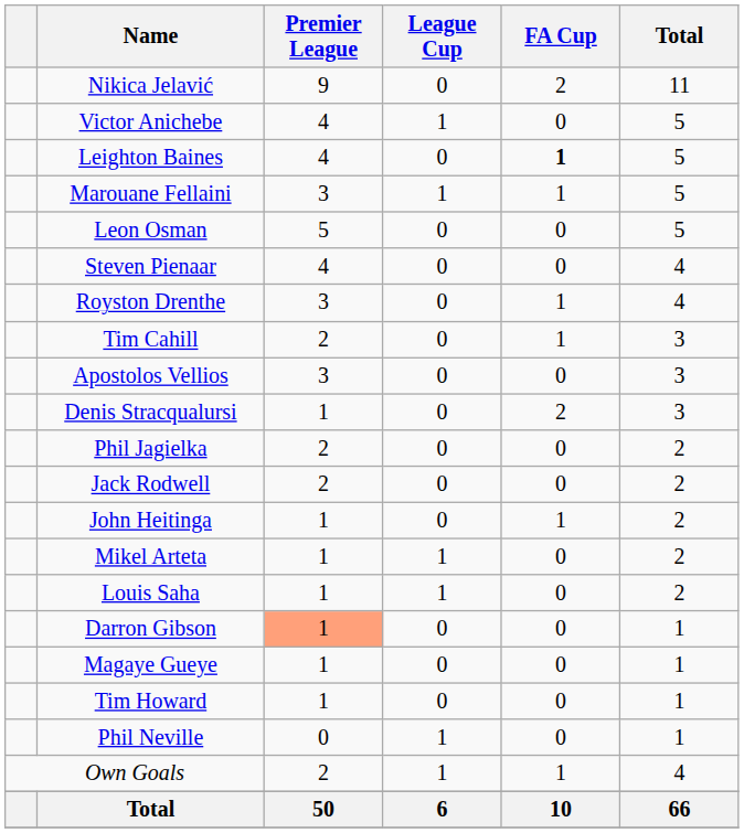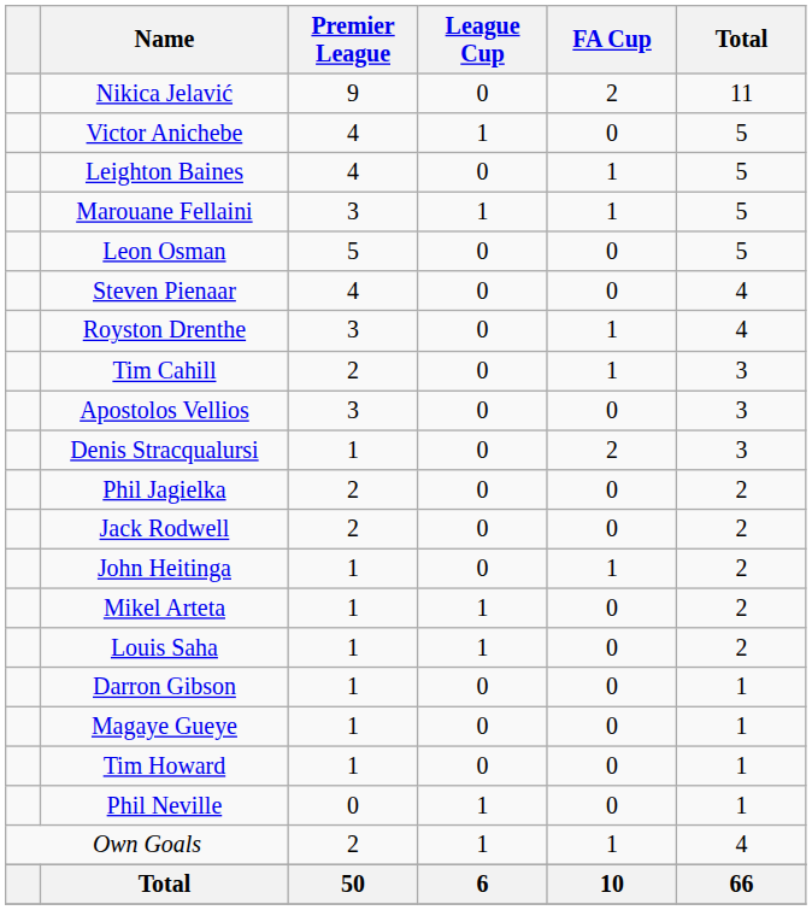 <table class="wikitable sortable" style="text-align:center; font-size:95%">
 <tr>
 <th width=15></th>
 <th width=150px>Name</th>
 <th width=75px><a href='#'>Premier<br>League</a></th>
 <th width=75px><a href='#'>League<br>Cup</a></th>
 <th width=75px><a href='#'>FA Cup</a></th>
 <th width=75px>Total</th>
 </tr>
 <tr>
 <td></td>
 <td><a href='#'>Nikica Jelavić</a></td>
 <td>9</td>
 <td>0</td>
 <td>2</td>
 <td>11</td>
 </tr>
 <tr>
 <td></td>
 <td><a href='#'>Victor Anichebe</a></td>
 <td>4</td>
 <td>1</td>
 <td>0</td>
 <td>5</td>
 </tr>
 <tr>
 <td></td>
 <td><a href='#'>Leighton Baines</a></td>
 <td>4</td>
 <td>0</td>
-<td><strong>1</strong></td>
+<td>1</td>
 <td>5</td>
 </tr>
 <tr>
 <td></td>
 <td><a href='#'>Marouane Fellaini</a></td>
 <td>3</td>
 <td>1</td>
 <td>1</td>
 <td>5</td>
 </tr>
 <tr>
 <td></td>
 <td><a href='#'>Leon Osman</a></td>
 <td>5</td>
 <td>0</td>
 <td>0</td>
 <td>5</td>
 </tr>
 <tr>
 <td></td>
 <td><a href='#'>Steven Pienaar</a></td>
 <td>4</td>
 <td>0</td>
 <td>0</td>
 <td>4</td>
 </tr>
 <tr>
 <td></td>
 <td><a href='#'>Royston Drenthe</a></td>
 <td>3</td>
 <td>0</td>
 <td>1</td>
 <td>4</td>
 </tr>
 <tr>
 <td></td>
 <td><a href='#'>Tim Cahill</a></td>
 <td>2</td>
 <td>0</td>
 <td>1</td>
 <td>3</td>
 </tr>
 <tr>
 <td></td>
 <td><a href='#'>Apostolos Vellios</a></td>
 <td>3</td>
 <td>0</td>
 <td>0</td>
 <td>3</td>
 </tr>
 <tr>
 <td></td>
 <td><a href='#'>Denis Stracqualursi</a></td>
 <td>1</td>
 <td>0</td>
 <td>2</td>
 <td>3</td>
 </tr>
 <tr>
 <td></td>
 <td><a href='#'>Phil Jagielka</a></td>
 <td>2</td>
 <td>0</td>
 <td>0</td>
 <td>2</td>
 </tr>
 <tr>
 <td></td>
 <td><a href='#'>Jack Rodwell</a></td>
 <td>2</td>
 <td>0</td>
 <td>0</td>
 <td>2</td>
 </tr>
 <tr>
 <td></td>
 <td><a href='#'>John Heitinga</a></td>
 <td>1</td>
 <td>0</td>
 <td>1</td>
 <td>2</td>
 </tr>
 <tr>
 <td></td>
 <td><a href='#'>Mikel Arteta</a></td>
 <td>1</td>
 <td>1</td>
 <td>0</td>
 <td>2</td>
 </tr>
 <tr>
 <td></td>
 <td><a href='#'>Louis Saha</a></td>
 <td>1</td>
 <td>1</td>
 <td>0</td>
 <td>2</td>
 </tr>
 <tr>
 <td></td>
 <td><a href='#'>Darron Gibson</a></td>
-<td style="background: lightsalmon;">1</td>
+<td>1</td>
 <td>0</td>
 <td>0</td>
 <td>1</td>
 </tr>
 <tr>
 <td></td>
 <td><a href='#'>Magaye Gueye</a></td>
 <td>1</td>
 <td>0</td>
 <td>0</td>
 <td>1</td>
 </tr>
 <tr>
 <td></td>
 <td><a href='#'>Tim Howard</a></td>
 <td>1</td>
 <td>0</td>
 <td>0</td>
 <td>1</td>
 </tr>
 <tr>
 <td></td>
 <td><a href='#'>Phil Neville</a></td>
 <td>0</td>
 <td>1</td>
 <td>0</td>
 <td>1</td>
 </tr>
 <tr>
 <td colspan="2"><em>Own Goals</em></td>
 <td>2</td>
 <td>1</td>
 <td>1</td>
 <td>4</td>
 </tr>
 <tr>
 </tr>
 <tr class="unsortable">
 <th></th>
 <th>Total</th>
 <th>50</th>
 <th>6</th>
 <th>10</th>
 <th>66</th>
 </tr>
 <tr>
 </tr>
 </table>
